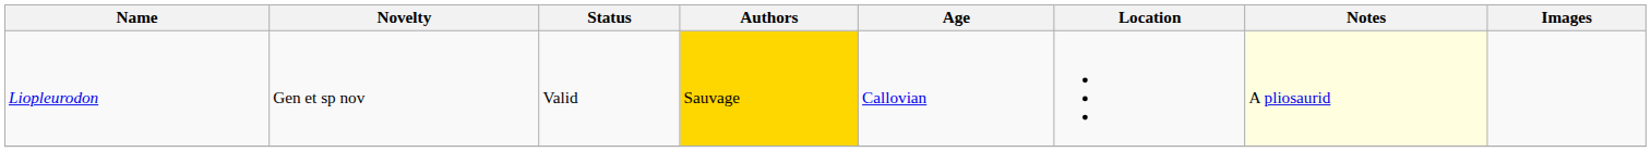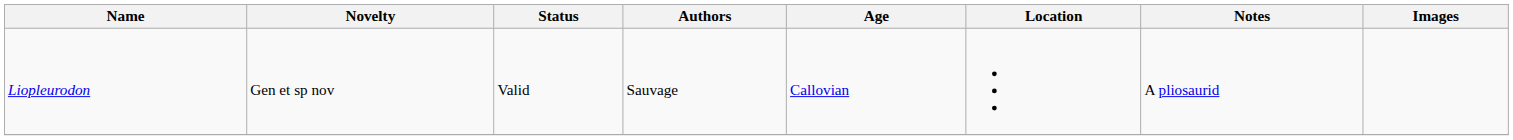 <table class="wikitable sortable" align="center" width="100%">
 <tr>
 <th>Name</th>
 <th>Novelty</th>
 <th>Status</th>
 <th>Authors</th>
 <th>Age</th>
 <th>Location</th>
 <th>Notes</th>
 <th>Images</th>
 </tr>
 <tr>
 <td><br><em><a href='#'>Liopleurodon</a></em></td>
 <td><br>Gen et sp nov</td>
 <td><br>Valid</td>
-<td style="background: gold;"><br>Sauvage</td>
+<td><br>Sauvage</td>
 <td><br><a href='#'>Callovian</a></td>
 <td><br><ul><li></li><li></li><li></li></ul></td>
-<td style="background: lightyellow;"><br>A <a href='#'>pliosaurid</a></td>
+<td><br>A <a href='#'>pliosaurid</a></td>
 <td></td>
 </tr>
 <tr>
 </tr>
 </table>
